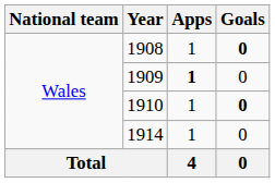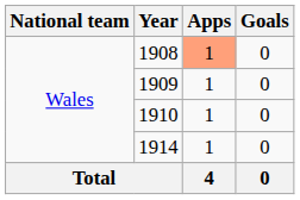 <table class=wikitable style="text-align: center">
 <tr>
 <th>National team</th>
 <th>Year</th>
 <th>Apps</th>
 <th>Goals</th>
 </tr>
 <tr>
 <td rowspan=4><a href='#'>Wales</a></td>
 <td>1908</td>
-<td>1</td>
-<td><strong>0</strong></td>
+<td style="background: lightsalmon;">1</td>
+<td>0</td>
 </tr>
 <tr>
 <td>1909</td>
-<td><strong>1</strong></td>
+<td>1</td>
 <td>0</td>
 </tr>
 <tr>
 <td>1910</td>
 <td>1</td>
-<td><strong>0</strong></td>
+<td>0</td>
 </tr>
 <tr>
 <td>1914</td>
 <td>1</td>
 <td>0</td>
 </tr>
 <tr>
 <th colspan=2>Total</th>
 <th>4</th>
 <th>0</th>
 </tr>
 </table>
